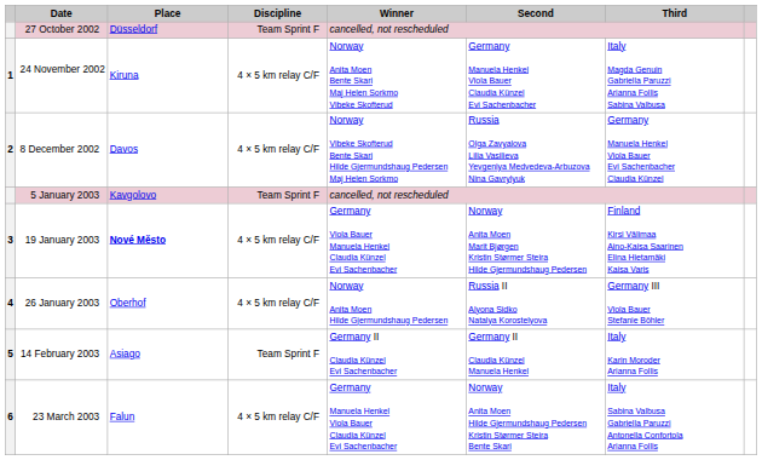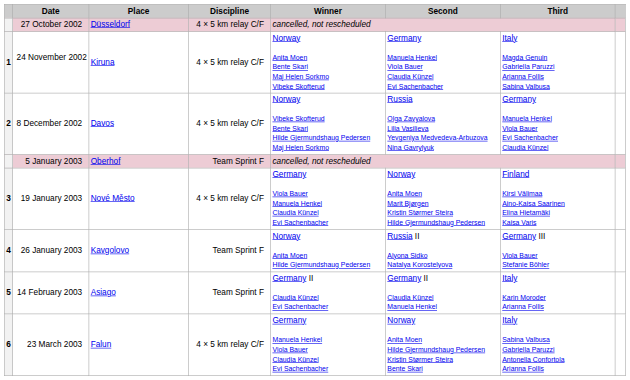 <table class="wikitable plainrowheaders" style="background:#fff; font-size:86%; line-height:16px; border:grey solid 1px; border-collapse:collapse;">
 <tr style="background:#ccc; text-align:center;">
 <th scope="col" style="background:#ccc; width=20 px;"></th>
 <th scope="col" style="background:#ccc; width:120px;">Date</th>
 <th scope="col" style="background:#ccc; width:160px;">Place</th>
 <th scope="col" style="background:#ccc; width:130px;">Discipline</th>
 <th scope="col" style="background:#ccc; width:185px;">Winner</th>
 <th scope="col" style="background:#ccc; width:185px;">Second</th>
 <th scope="col" style="background:#ccc; width:185px;">Third</th>
 <th scope="col" style="background:#ccc; width:10px;"></th>
 </tr>
 <tr bgcolor=#EDCCD5>
 <th></th>
 <td align=right>27 October 2002  </td>
 <td> <a href='#'>Düsseldorf</a></td>
-<td align=right>Team Sprint F  </td>
+<td align=right>4 × 5 km relay C/F  </td>
 <td colspan="3"><em>cancelled, not rescheduled</em></td>
 <td></td>
 </tr>
 <tr>
 <th>1</th>
 <td align=right>24 November 2002  </td>
 <td> <a href='#'>Kiruna</a></td>
 <td align=right>4 × 5 km relay C/F  </td>
 <td> <a href='#'>Norway</a><br><br><small><a href='#'>Anita Moen</a></small><br> <small><a href='#'>Bente Skari</a></small><br> <small><a href='#'>Maj Helen Sorkmo</a></small><br> <small><a href='#'>Vibeke Skofterud</a></small></td>
 <td> <a href='#'>Germany</a><br><br><small><a href='#'>Manuela Henkel</a></small><br> <small><a href='#'>Viola Bauer</a></small><br> <small><a href='#'>Claudia Künzel</a></small><br> <small><a href='#'>Evi Sachenbacher</a></small></td>
 <td> <a href='#'>Italy</a><br><br><small><a href='#'>Magda Genuin</a></small><br> <small><a href='#'>Gabriella Paruzzi</a></small><br> <small><a href='#'>Arianna Follis</a></small><br> <small><a href='#'>Sabina Valbusa</a></small></td>
 <td></td>
 </tr>
 <tr>
 <th>2</th>
 <td align=right>8 December 2002  </td>
 <td> <a href='#'>Davos</a></td>
 <td align=right>4 × 5 km relay C/F  </td>
 <td> <a href='#'>Norway</a><br><br><small><a href='#'>Vibeke Skofterud</a></small><br> <small><a href='#'>Bente Skari</a></small><br> <small><a href='#'>Hilde Gjermundshaug Pedersen</a></small><br> <small><a href='#'>Maj Helen Sorkmo</a></small></td>
 <td> <a href='#'>Russia</a><br><br><small><a href='#'>Olga Zavyalova</a></small><br> <small><a href='#'>Lilia Vasilieva</a></small><br> <small><a href='#'>Yevgeniya Medvedeva-Arbuzova</a></small><br> <small><a href='#'>Nina Gavrylyuk</a></small></td>
 <td> <a href='#'>Germany</a><br><br><small><a href='#'>Manuela Henkel</a></small><br> <small><a href='#'>Viola Bauer</a></small><br> <small><a href='#'>Evi Sachenbacher</a><br> <a href='#'>Claudia Künzel</a></small></td>
 <td></td>
 </tr>
 <tr bgcolor=#EDCCD5>
 <th></th>
 <td align=right>5 January 2003  </td>
-<td> <a href='#'>Kavgolovo</a></td>
+<td> <a href='#'>Oberhof</a></td>
 <td align=right>Team Sprint F  </td>
 <td colspan="3"><em>cancelled, not rescheduled</em></td>
 <td></td>
 </tr>
 <tr>
 <th>3</th>
 <td align=right>19 January 2003  </td>
-<td><strong> <a href='#'>Nové Město</a></strong></td>
+<td> <a href='#'>Nové Město</a></td>
 <td align=right>4 × 5 km relay C/F  </td>
 <td> <a href='#'>Germany</a><br><br><small><a href='#'>Viola Bauer</a></small><br> <small><a href='#'>Manuela Henkel</a></small><br> <small><a href='#'>Claudia Künzel</a></small><br> <small><a href='#'>Evi Sachenbacher</a></small></td>
 <td> <a href='#'>Norway</a> <br><br><small><a href='#'>Anita Moen</a></small><br> <small><a href='#'>Marit Bjørgen</a></small><br> <small><a href='#'>Kristin Størmer Steira</a></small><br> <small><a href='#'>Hilde Gjermundshaug Pedersen</a></small></td>
 <td> <a href='#'>Finland</a><br><br><small><a href='#'>Kirsi Välimaa</a></small><br> <small><a href='#'>Aino-Kaisa Saarinen</a></small><br> <small><a href='#'>Elina Hietamäki</a></small><br> <small><a href='#'>Kaisa Varis</a></small></td>
 <td></td>
 </tr>
 <tr>
 <th>4</th>
 <td align=right>26 January 2003  </td>
-<td> <a href='#'>Oberhof</a></td>
-<td align=right>4 × 5 km relay C/F  </td>
+<td> <a href='#'>Kavgolovo</a></td>
+<td align=right>Team Sprint F  </td>
 <td> <a href='#'>Norway</a><br><br><small><a href='#'>Anita Moen</a></small><br> <small><a href='#'>Hilde Gjermundshaug Pedersen</a></small></td>
 <td> <a href='#'>Russia</a> II<br><br><small><a href='#'>Alyona Sidko</a></small><br> <small><a href='#'>Natalya Korostelyova</a></small></td>
 <td> <a href='#'>Germany</a> III<br><br><small><a href='#'>Viola Bauer</a></small><br> <small><a href='#'>Stefanie Böhler</a></small></td>
 <td></td>
 </tr>
 <tr>
 <th>5</th>
 <td align=right>14 February 2003  </td>
 <td> <a href='#'>Asiago</a></td>
 <td align=right>Team Sprint F  </td>
 <td> <a href='#'>Germany</a> II<br><br><small><a href='#'>Claudia Künzel</a></small><br> <small><a href='#'>Evi Sachenbacher</a></small></td>
 <td> <a href='#'>Germany</a> II<br><br><small><a href='#'>Claudia Künzel</a></small><br> <small><a href='#'>Manuela Henkel</a></small></td>
 <td> <a href='#'>Italy</a><br><br><small><a href='#'>Karin Moroder</a></small><br> <small><a href='#'>Arianna Follis</a></small></td>
 <td></td>
 </tr>
 <tr>
 <th>6</th>
 <td align=right>23 March 2003  </td>
 <td> <a href='#'>Falun</a></td>
 <td align=right>4 × 5 km relay C/F  </td>
 <td> <a href='#'>Germany</a><br><br><small><a href='#'>Manuela Henkel</a></small><br> <small><a href='#'>Viola Bauer</a></small><br> <small><a href='#'>Claudia Künzel</a></small><br> <small><a href='#'>Evi Sachenbacher</a></small></td>
 <td> <a href='#'>Norway</a><br><br><small><a href='#'>Anita Moen</a></small><br> <small><a href='#'>Hilde Gjermundshaug Pedersen</a></small><br> <small><a href='#'>Kristin Størmer Steira</a></small><br> <small><a href='#'>Bente Skari</a></small></td>
 <td> <a href='#'>Italy</a><br><br><small><a href='#'>Sabina Valbusa</a></small><br> <small><a href='#'>Gabriella Paruzzi</a></small><br> <small><a href='#'>Antonella Confortola</a></small><br> <small><a href='#'>Arianna Follis</a></small></td>
 <td></td>
 </tr>
 </table>
